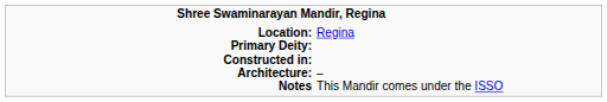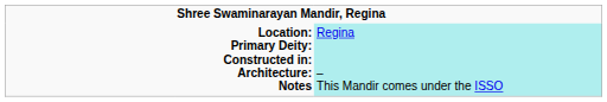 <table class="wikitable plain" border="0" width="800">
 <tr>
 <td width="220px" rowspan="2" style="border:none;"></td>
 <td valign="top" colspan=2 style="border:none;"><strong>Shree Swaminarayan Mandir, Regina</strong></td>
 </tr>
 <tr>
 <td valign="top" style="text-align:right; border:none;"><strong>Location:</strong> <br><strong>Primary Deity:</strong><br><strong>Constructed in:</strong><br><strong>Architecture:</strong><br><strong>Notes</strong></td>
-<td valign="top" style="border:none;"><a href='#'>Regina</a> <br> <br>  <br>– <br>This Mandir comes under the <a href='#'>ISSO</a></td>
+<td valign="top" style="background: paleturquoise; border:none;"><a href='#'>Regina</a> <br> <br>  <br>– <br>This Mandir comes under the <a href='#'>ISSO</a></td>
 </tr>
 </table>
